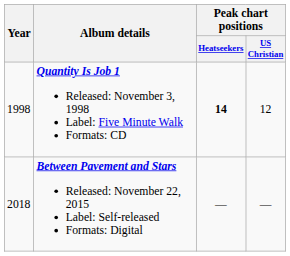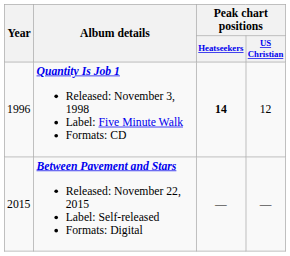 <table class ="wikitable">
 <tr>
 <th rowspan="2" style="width:33px;">Year</th>
 <th rowspan="2" style="width:215px;">Album details</th>
 <th colspan="2">Peak chart positions</th>
 </tr>
 <tr>
 <th style="width:3em;font-size:75%"><a href='#'>Heatseekers</a><br></th>
 <th style="width:3em;font-size:75%"><a href='#'>US Christian</a><br></th>
 </tr>
 <tr>
-<td>1998</td>
+<td>1996</td>
 <td><strong><em><a href='#'>Quantity Is Job 1</a></em></strong><br><ul><li>Released: November 3, 1998</li><li>Label: <a href='#'>Five Minute Walk</a></li><li>Formats: CD</li></ul></td>
 <td style="text-align:center;"><strong>14</strong></td>
 <td style="text-align:center;">12</td>
 </tr>
 <tr>
-<td>2018</td>
+<td>2015</td>
 <td><strong><em><a href='#'>Between Pavement and Stars</a></em></strong><br><ul><li>Released: November 22, 2015</li><li>Label: Self-released</li><li>Formats: Digital</li></ul></td>
 <td style="text-align:center;">—</td>
 <td style="text-align:center;">—</td>
 </tr>
 </table>
